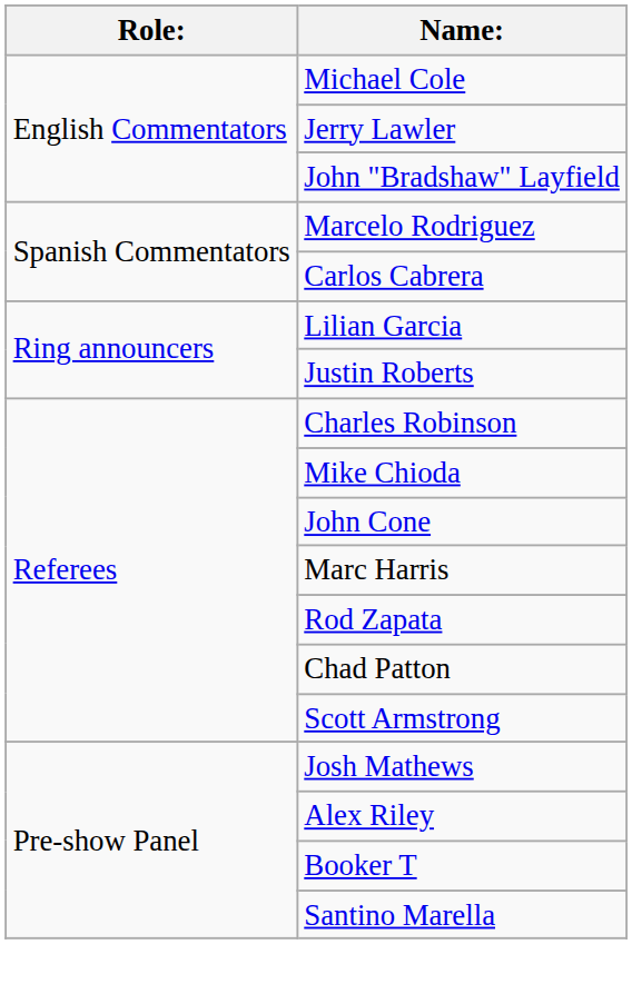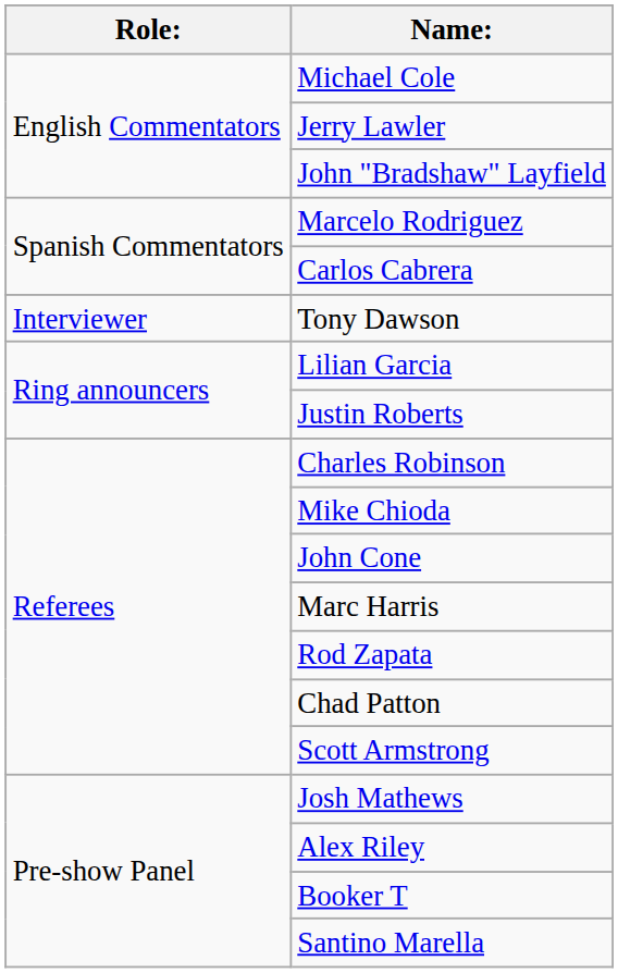 <table class=wikitable style="font-size:90%; margin: 0.5em 0 0.5em 1em; float: right; clear: right;">
 <tr>
 <th>Role:</th>
 <th>Name:</th>
 </tr>
 <tr>
 <td rowspan=3>English <a href='#'>Commentators</a></td>
 <td><a href='#'>Michael Cole</a></td>
 </tr>
 <tr>
 <td><a href='#'>Jerry Lawler</a></td>
 </tr>
 <tr>
 <td><a href='#'>John "Bradshaw" Layfield</a></td>
 </tr>
 <tr>
 <td rowspan=2>Spanish Commentators</td>
 <td><a href='#'>Marcelo Rodriguez</a></td>
 </tr>
 <tr>
 <td><a href='#'>Carlos Cabrera</a></td>
+</tr>
+<tr>
+<td><a href='#'>Interviewer</a></td>
+<td>Tony Dawson</td>
 </tr>
 <tr>
 <td rowspan=2><a href='#'>Ring announcers</a></td>
 <td><a href='#'>Lilian Garcia</a></td>
 </tr>
 <tr>
 <td><a href='#'>Justin Roberts</a></td>
 </tr>
 <tr>
 <td rowspan=7><a href='#'>Referees</a></td>
 <td><a href='#'>Charles Robinson</a></td>
 </tr>
 <tr>
 <td><a href='#'>Mike Chioda</a></td>
 </tr>
 <tr>
 <td><a href='#'>John Cone</a></td>
 </tr>
 <tr>
 <td>Marc Harris</td>
 </tr>
 <tr>
 <td><a href='#'>Rod Zapata</a></td>
 </tr>
 <tr>
 <td>Chad Patton</td>
 </tr>
 <tr>
 <td><a href='#'>Scott Armstrong</a></td>
 </tr>
 <tr>
 <td rowspan=4>Pre-show Panel</td>
 <td><a href='#'>Josh Mathews</a></td>
 </tr>
 <tr>
 <td><a href='#'>Alex Riley</a></td>
 </tr>
 <tr>
 <td><a href='#'>Booker T</a></td>
 </tr>
 <tr>
 <td><a href='#'>Santino Marella</a></td>
 </tr>
 </table>
